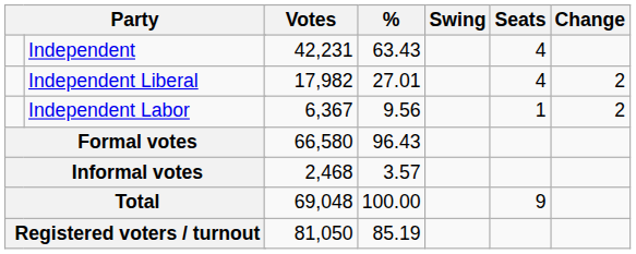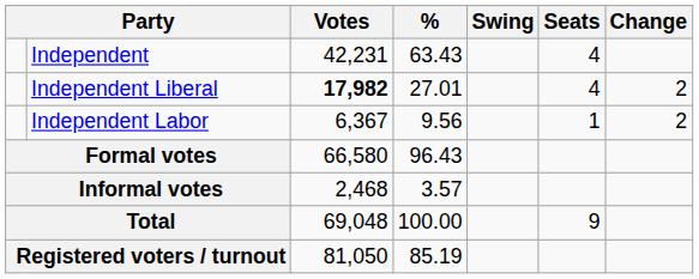 <table class="wikitable" style="text-align:right; margin-bottom:0">
 <tr>
 <th colspan="3" style="width:10px">Party</th>
 <th style="width:70px;">Votes</th>
 <th style="width:40px;">%</th>
 <th style="width:40px;">Swing</th>
 <th style="width:40px;">Seats</th>
 <th style="width:40px;">Change</th>
 </tr>
 <tr>
 <td> </td>
 <td colspan="2" style="text-align:left;"><a href='#'>Independent</a></td>
 <td style="width:70px;">42,231</td>
 <td style="width:40px;">63.43</td>
 <td style="width:45px;"></td>
 <td style="width:40px;">4</td>
 <td style="width:40px;"></td>
 </tr>
 <tr>
 <td> </td>
 <td colspan="2" style="text-align:left;"><a href='#'>Independent Liberal</a></td>
-<td>17,982</td>
+<td><strong>17,982</strong></td>
 <td>27.01</td>
 <td></td>
 <td>4</td>
 <td> 2</td>
 </tr>
 <tr>
 <td> </td>
 <td colspan="2" style="text-align:left;"><a href='#'>Independent Labor</a></td>
 <td>6,367</td>
 <td>9.56</td>
 <td></td>
 <td>1</td>
 <td> 2</td>
 </tr>
 <tr>
 <th colspan="3" rowspan="1"> Formal votes</th>
 <td>66,580</td>
 <td>96.43</td>
 <td></td>
 <td></td>
 <td></td>
 </tr>
 <tr>
 <th colspan="3" rowspan="1"> Informal votes</th>
 <td>2,468</td>
 <td>3.57</td>
 <td></td>
 <td></td>
 <td></td>
 </tr>
 <tr>
 <th colspan="3" rowspan="1"> Total</th>
 <td>69,048</td>
 <td>100.00</td>
 <td></td>
 <td>9</td>
 <td></td>
 </tr>
 <tr>
 <th colspan="3" rowspan="1"> Registered voters / turnout</th>
 <td>81,050</td>
 <td>85.19</td>
 <td></td>
 <td></td>
 <td></td>
 </tr>
 </table>
